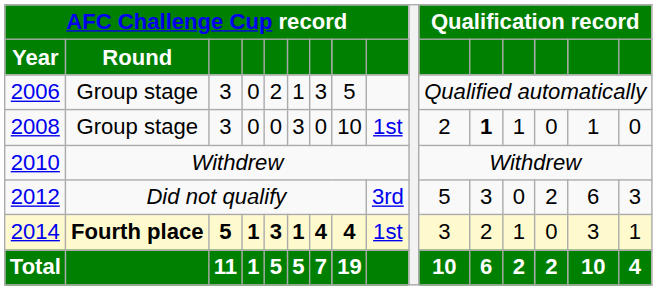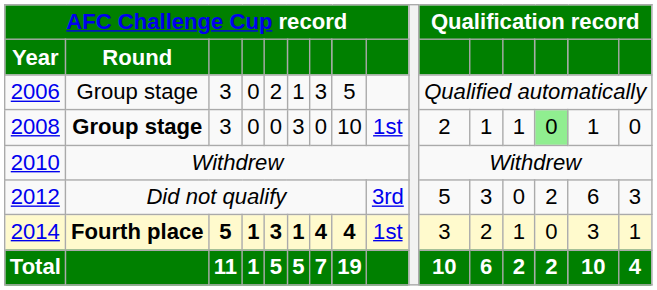 <table class="wikitable" style="text-align:center">
 <tr>
 <th colspan="9" style="background:green; color:#FFF; "><a href='#'><span>AFC Challenge Cup</span></a> record</th>
 <th rowspan="8"></th>
 <th colspan="6" style="background:green; color:#FFF; ">Qualification record</th>
 </tr>
 <tr>
 <th style="background:green; color:#FFF; ">Year</th>
 <th style="background:green; color:#FFF; ">Round</th>
 <th style="background:green; color:#FFF; "></th>
 <th style="background:green; color:#FFF; "></th>
 <th style="background:green; color:#FFF; "></th>
 <th style="background:green; color:#FFF; "></th>
 <th style="background:green; color:#FFF; "></th>
 <th style="background:green; color:#FFF; "></th>
 <th style="background:green; color:#FFF; "></th>
 <th style="background:green; color:#FFF; "></th>
 <th style="background:green; color:#FFF; "></th>
 <th style="background:green; color:#FFF; "></th>
 <th style="background:green; color:#FFF; "></th>
 <th style="background:green; color:#FFF; "></th>
 <th style="background:green; color:#FFF; "></th>
 </tr>
 <tr>
 <td> <a href='#'>2006</a></td>
 <td>Group stage</td>
 <td>3</td>
 <td>0</td>
 <td>2</td>
 <td>1</td>
 <td>3</td>
 <td>5</td>
 <td></td>
 <td colspan="6"><em>Qualified automatically</em></td>
 </tr>
 <tr>
 <td> <a href='#'>2008</a></td>
-<td>Group stage</td>
+<td><strong>Group stage</strong></td>
 <td>3</td>
 <td>0</td>
 <td>0</td>
 <td>3</td>
 <td>0</td>
 <td>10</td>
 <td><a href='#'>1st</a></td>
 <td>2</td>
-<td><strong>1</strong></td>
 <td>1</td>
-<td>0</td>
+<td>1</td>
+<td style="background: lightgreen;">0</td>
 <td>1</td>
 <td>0</td>
 </tr>
 <tr>
 <td> <a href='#'>2010</a></td>
 <td colspan="8"><em>Withdrew</em></td>
 <td colspan="6"><em>Withdrew</em></td>
 </tr>
 <tr>
 <td> <a href='#'>2012</a></td>
 <td colspan="7"><em>Did not qualify</em></td>
 <td><a href='#'>3rd</a></td>
 <td>5</td>
 <td>3</td>
 <td>0</td>
 <td>2</td>
 <td>6</td>
 <td>3</td>
 </tr>
 <tr style="background:LEMONCHIFFON">
 <td> <a href='#'>2014</a></td>
 <td><strong>Fourth place</strong></td>
 <td><strong>5</strong></td>
 <td><strong>1</strong></td>
 <td><strong>3</strong></td>
 <td><strong>1</strong></td>
 <td><strong>4</strong></td>
 <td><strong>4</strong></td>
 <td><a href='#'>1st</a></td>
 <td>3</td>
 <td>2</td>
 <td>1</td>
 <td>0</td>
 <td>3</td>
 <td>1</td>
 </tr>
 <tr>
 <th style="background:green; color:#FFF; ">Total</th>
 <th style="background:green; color:#FFF; "></th>
 <th style="background:green; color:#FFF; ">11</th>
 <th style="background:green; color:#FFF; ">1</th>
 <th style="background:green; color:#FFF; ">5</th>
 <th style="background:green; color:#FFF; ">5</th>
 <th style="background:green; color:#FFF; ">7</th>
 <th style="background:green; color:#FFF; ">19</th>
 <th style="background:green; color:#FFF; "></th>
 <th style="background:green; color:#FFF; ">10</th>
 <th style="background:green; color:#FFF; ">6</th>
 <th style="background:green; color:#FFF; ">2</th>
 <th style="background:green; color:#FFF; ">2</th>
 <th style="background:green; color:#FFF; ">10</th>
 <th style="background:green; color:#FFF; ">4</th>
 </tr>
 </table>
